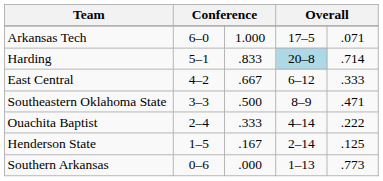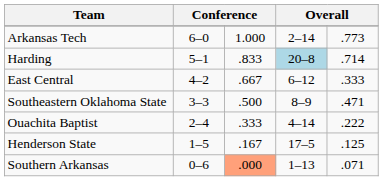 <table class="wikitable" style="text-align:center">
 <tr>
 <th>Team</th>
 <th colspan=2>Conference</th>
 <th colspan=2>Overall</th>
 </tr>
 <tr height=0>
 <td style="padding:0" width=200></td>
 <td style="padding:0" width=60></td>
 <td style="padding:0" width=60></td>
 <td style="padding:0" width=60></td>
 <td style="padding:0" width=60></td>
 </tr>
 <tr>
 <td align=left>Arkansas Tech</td>
 <td>6–0</td>
 <td>1.000</td>
-<td>17–5</td>
-<td>.071</td>
+<td>2–14</td>
+<td>.773</td>
 </tr>
 <tr>
 <td align=left>Harding</td>
 <td>5–1</td>
 <td>.833</td>
 <td style="background: lightblue;">20–8</td>
 <td>.714</td>
 </tr>
 <tr>
 <td align=left>East Central</td>
 <td>4–2</td>
 <td>.667</td>
 <td>6–12</td>
 <td>.333</td>
 </tr>
 <tr>
 <td align=left>Southeastern Oklahoma State</td>
 <td>3–3</td>
 <td>.500</td>
 <td>8–9</td>
 <td>.471</td>
 </tr>
 <tr>
 <td align=left>Ouachita Baptist</td>
 <td>2–4</td>
 <td>.333</td>
 <td>4–14</td>
 <td>.222</td>
 </tr>
 <tr>
 <td align=left>Henderson State</td>
 <td>1–5</td>
 <td>.167</td>
-<td>2–14</td>
+<td>17–5</td>
 <td>.125</td>
 </tr>
 <tr>
 <td align=left>Southern Arkansas</td>
 <td>0–6</td>
-<td>.000</td>
+<td style="background: lightsalmon;">.000</td>
 <td>1–13</td>
-<td>.773</td>
+<td>.071</td>
 </tr>
 </table>
